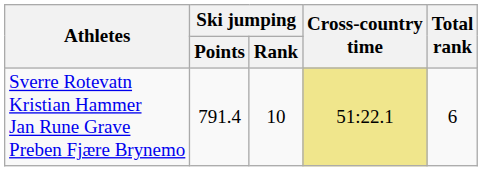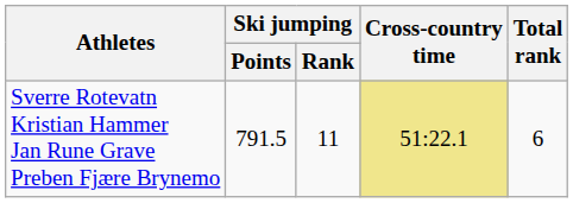 <table class="wikitable" border="1" style="font-size:90%">
 <tr>
 <th rowspan="2">Athletes</th>
 <th colspan="2">Ski jumping</th>
 <th rowspan="2">Cross-country <br> time</th>
 <th rowspan="2">Total <br> rank</th>
 </tr>
 <tr>
 <th>Points</th>
 <th>Rank</th>
 </tr>
 <tr>
 <td><a href='#'>Sverre Rotevatn</a><br><a href='#'>Kristian Hammer</a><br><a href='#'>Jan Rune Grave</a><br><a href='#'>Preben Fjære Brynemo</a></td>
-<td align=center>791.4</td>
-<td align=center>10</td>
+<td align=center>791.5</td>
+<td align=center>11</td>
 <td align=center style="background: khaki;">51:22.1</td>
 <td align=center>6</td>
 </tr>
 </table>
